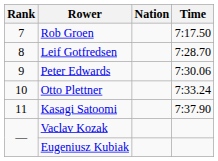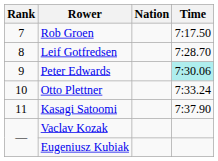 <table class="wikitable sortable" style="text-align:center">
 <tr>
 <th>Rank</th>
 <th>Rower</th>
 <th>Nation</th>
 <th>Time</th>
 </tr>
 <tr>
 <td>7</td>
 <td align=left><a href='#'>Rob Groen</a></td>
 <td align=left></td>
 <td>7:17.50</td>
 </tr>
 <tr>
 <td>8</td>
 <td align=left><a href='#'>Leif Gotfredsen</a></td>
 <td align=left></td>
 <td>7:28.70</td>
 </tr>
 <tr>
 <td>9</td>
 <td align=left><a href='#'>Peter Edwards</a></td>
 <td align=left></td>
-<td>7:30.06</td>
+<td style="background: paleturquoise;">7:30.06</td>
 </tr>
 <tr>
 <td>10</td>
 <td align=left><a href='#'>Otto Plettner</a></td>
 <td align=left></td>
 <td>7:33.24</td>
 </tr>
 <tr>
 <td>11</td>
 <td align=left><a href='#'>Kasagi Satoomi</a></td>
 <td align=left></td>
 <td>7:37.90</td>
 </tr>
 <tr>
 <td rowspan=2 data-sort-value=12>—</td>
 <td align=left><a href='#'>Vaclav Kozak</a></td>
 <td align=left></td>
 <td data-sort-value=9:99.99></td>
 </tr>
 <tr>
 <td align=left><a href='#'>Eugeniusz Kubiak</a></td>
 <td align=left></td>
 <td data-sort-value=9:99.99></td>
 </tr>
 </table>
